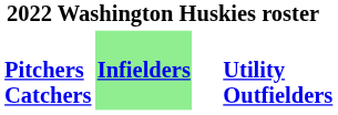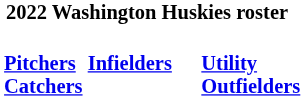 <table class="toccolours">
 <tr>
 <th colspan=9>2022 Washington Huskies roster</th>
 </tr>
 <tr>
 <td width="03"> </td>
 <td valign="top"><br><strong><a href='#'>Pitchers</a></strong><br><strong><a href='#'>Catchers</a></strong></td>
-<td valign="top" style="background: lightgreen;"><br><strong><a href='#'>Infielders</a></strong></td>
+<td valign="top"><br><strong><a href='#'>Infielders</a></strong></td>
 <td width="15"> </td>
 <td valign="top"><br><strong><a href='#'>Utility</a></strong><br><strong><a href='#'>Outfielders</a></strong></td>
 </tr>
 </table>
